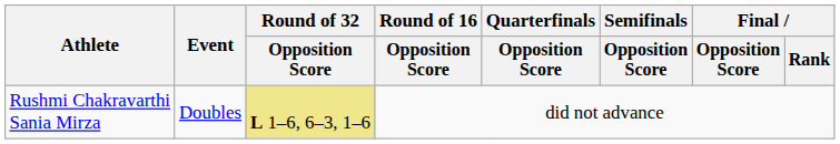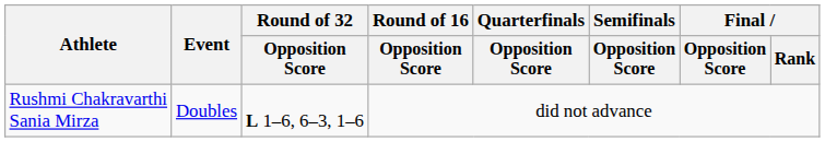 <table class=wikitable style="font-size:90%">
 <tr>
 <th rowspan="2">Athlete</th>
 <th rowspan="2">Event</th>
 <th>Round of 32</th>
 <th>Round of 16</th>
 <th>Quarterfinals</th>
 <th>Semifinals</th>
 <th colspan=2>Final / </th>
 </tr>
 <tr style="font-size:95%">
 <th>Opposition<br>Score</th>
 <th>Opposition<br>Score</th>
 <th>Opposition<br>Score</th>
 <th>Opposition<br>Score</th>
 <th>Opposition<br>Score</th>
 <th>Rank</th>
 </tr>
 <tr align=center>
 <td align=left><a href='#'>Rushmi Chakravarthi</a><br><a href='#'>Sania Mirza</a></td>
 <td align=left><a href='#'>Doubles</a></td>
-<td style="background: khaki;"><br><strong>L</strong> 1–6, 6–3, 1–6</td>
+<td><br><strong>L</strong> 1–6, 6–3, 1–6</td>
 <td colspan=5>did not advance</td>
 </tr>
 </table>
